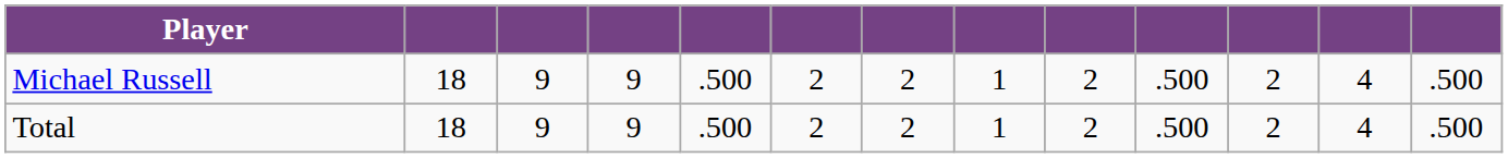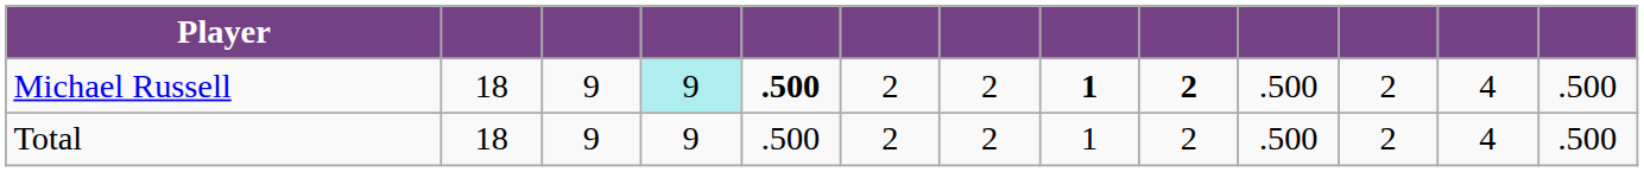 <table class="wikitable" style="text-align:center">
 <tr>
 <th style="background:#744184; color:white" width="200px">Player</th>
 <th style="background:#744184; color:white" width="40px"></th>
 <th style="background:#744184; color:white" width="40px"></th>
 <th style="background:#744184; color:white" width="40px"></th>
 <th style="background:#744184; color:white" width="40px"></th>
 <th style="background:#744184; color:white" width="40px"></th>
 <th style="background:#744184; color:white" width="40px"></th>
 <th style="background:#744184; color:white" width="40px"></th>
 <th style="background:#744184; color:white" width="40px"></th>
 <th style="background:#744184; color:white" width="40px"></th>
 <th style="background:#744184; color:white" width="40px"></th>
 <th style="background:#744184; color:white" width="40px"></th>
 <th style="background:#744184; color:white" width="40px"></th>
 </tr>
 <tr>
 <td style="text-align:left"><a href='#'>Michael Russell</a></td>
 <td>18</td>
 <td>9</td>
-<td>9</td>
-<td>.500</td>
+<td style="background: paleturquoise;">9</td>
+<td><strong>.500</strong></td>
 <td>2</td>
 <td>2</td>
-<td>1</td>
-<td>2</td>
+<td><strong>1</strong></td>
+<td><strong>2</strong></td>
 <td>.500</td>
 <td>2</td>
 <td>4</td>
 <td>.500</td>
 </tr>
 <tr>
 <td style="text-align:left">Total</td>
 <td>18</td>
 <td>9</td>
 <td>9</td>
 <td>.500</td>
 <td>2</td>
 <td>2</td>
 <td>1</td>
 <td>2</td>
 <td>.500</td>
 <td>2</td>
 <td>4</td>
 <td>.500</td>
 </tr>
 </table>
